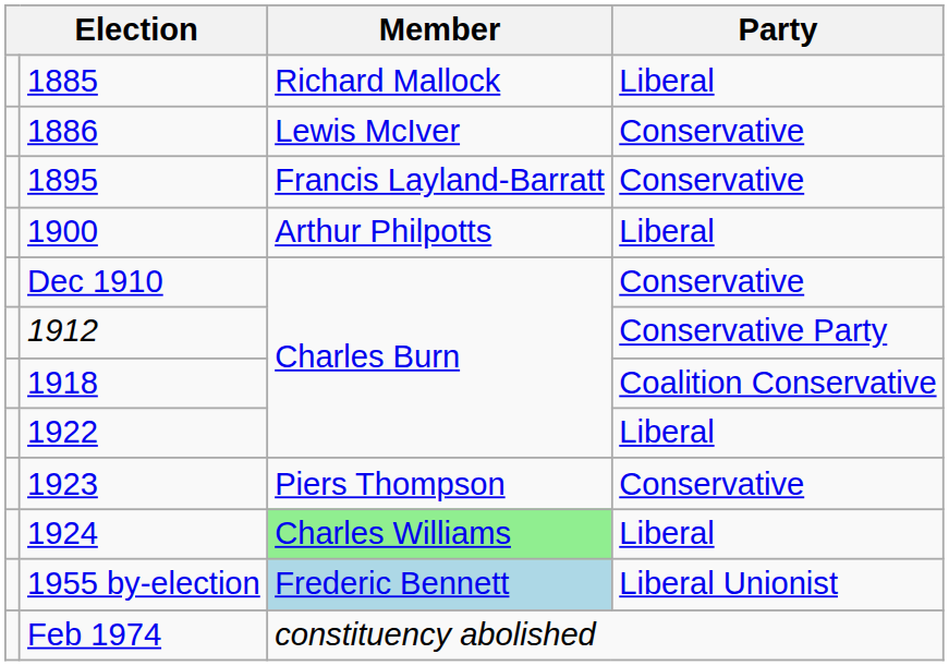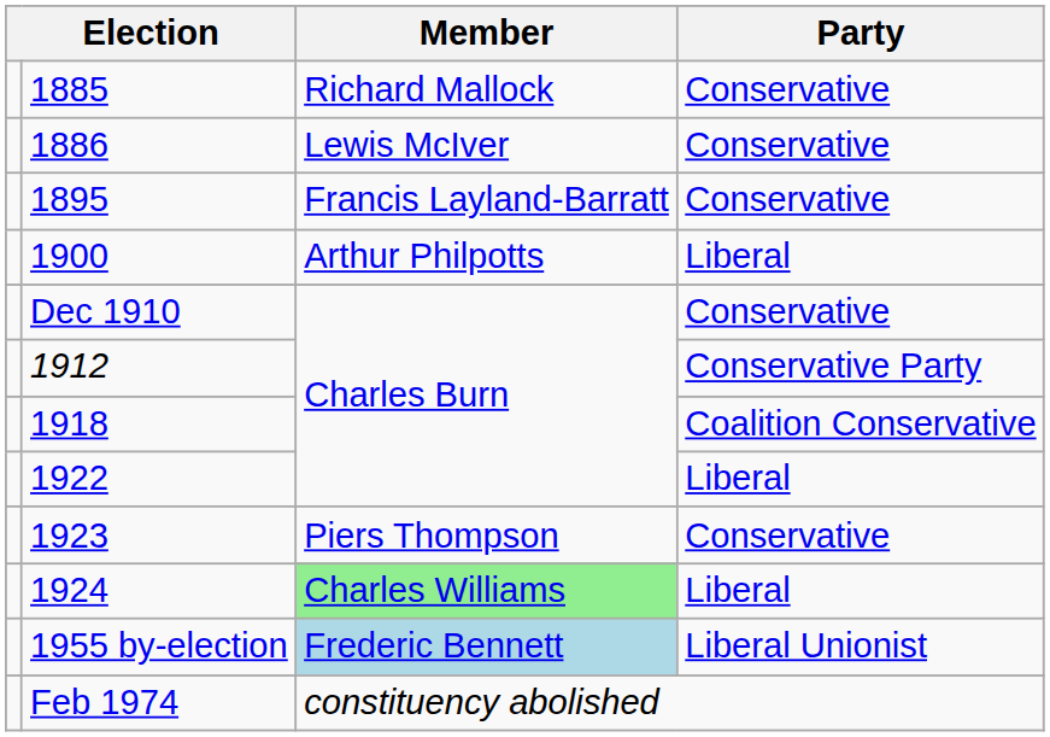 <table class="wikitable">
 <tr>
 <th colspan="2">Election</th>
 <th>Member</th>
 <th>Party</th>
 </tr>
 <tr>
 <td style="color:inherit;background-color: "></td>
 <td><a href='#'>1885</a></td>
 <td><a href='#'>Richard Mallock</a></td>
-<td><a href='#'>Liberal</a></td>
+<td><a href='#'>Conservative</a></td>
 </tr>
 <tr>
 <td style="color:inherit;background-color: "></td>
 <td><a href='#'>1886</a></td>
 <td><a href='#'>Lewis McIver</a></td>
 <td><a href='#'>Conservative</a></td>
 </tr>
 <tr>
 <td style="color:inherit;background-color: "></td>
 <td><a href='#'>1895</a></td>
 <td><a href='#'>Francis Layland-Barratt</a></td>
 <td><a href='#'>Conservative</a></td>
 </tr>
 <tr>
 <td style="color:inherit;background-color: "></td>
 <td><a href='#'>1900</a></td>
 <td><a href='#'>Arthur Philpotts</a></td>
 <td><a href='#'>Liberal</a></td>
 </tr>
 <tr>
 <td style="color:inherit;background-color: "></td>
 <td><a href='#'>Dec 1910</a></td>
 <td rowspan="4"><a href='#'>Charles Burn</a></td>
 <td><a href='#'>Conservative</a></td>
 </tr>
 <tr>
 <td style="color:inherit;background-color: "></td>
 <td><em>1912</em></td>
 <td><a href='#'>Conservative Party</a></td>
 </tr>
 <tr>
 <td style="color:inherit;background-color: "></td>
 <td><a href='#'>1918</a></td>
 <td><a href='#'>Coalition Conservative</a></td>
 </tr>
 <tr>
 <td style="color:inherit;background-color: "></td>
 <td><a href='#'>1922</a></td>
 <td><a href='#'>Liberal</a></td>
 </tr>
 <tr>
 <td style="color:inherit;background-color: "></td>
 <td><a href='#'>1923</a></td>
 <td><a href='#'>Piers Thompson</a></td>
 <td><a href='#'>Conservative</a></td>
 </tr>
 <tr>
 <td style="color:inherit;background-color: "></td>
 <td><a href='#'>1924</a></td>
 <td style="background: lightgreen;"><a href='#'>Charles Williams</a></td>
 <td><a href='#'>Liberal</a></td>
 </tr>
 <tr>
 <td style="color:inherit;background-color: "></td>
 <td><a href='#'>1955 by-election</a></td>
 <td style="background: lightblue;"><a href='#'>Frederic Bennett</a></td>
 <td><a href='#'>Liberal Unionist</a></td>
 </tr>
 <tr>
 <td></td>
 <td><a href='#'>Feb 1974</a></td>
 <td colspan="2"><em>constituency abolished</em></td>
 </tr>
 </table>
